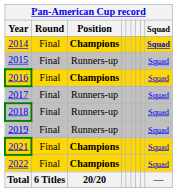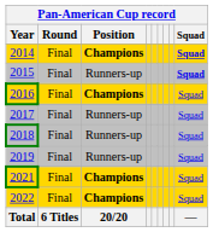 <table class="wikitable" style="text-align: center;">
 <tr>
 <th colspan=9><a href='#'>Pan-American Cup record</a></th>
 </tr>
 <tr>
 <th>Year</th>
 <th>Round</th>
 <th>Position</th>
 <th></th>
 <th></th>
 <th></th>
 <th></th>
 <th></th>
 <th><small>Squad</small></th>
 </tr>
 <tr bgcolor=gold>
 <td> <a href='#'>2014</a></td>
 <td>Final</td>
 <td><strong>Champions</strong></td>
 <td></td>
 <td></td>
 <td></td>
 <td></td>
 <td></td>
 <td><strong><small><a href='#'>Squad</a></small></strong></td>
 </tr>
 <tr bgcolor=silver>
 <td> <a href='#'>2015</a></td>
 <td>Final</td>
 <td>Runners-up</td>
 <td></td>
 <td></td>
 <td></td>
 <td></td>
 <td></td>
-<td><small><a href='#'>Squad</a></small></td>
+<td><strong><small><a href='#'>Squad</a></small></strong></td>
 </tr>
 <tr bgcolor=gold>
 <td style="border: 3px solid green"> <a href='#'>2016</a></td>
 <td>Final</td>
 <td><strong>Champions</strong></td>
 <td></td>
 <td></td>
 <td></td>
 <td></td>
 <td></td>
 <td><small><a href='#'>Squad</a></small></td>
 </tr>
 <tr bgcolor=silver>
 <td> <a href='#'>2017</a></td>
 <td>Final</td>
 <td>Runners-up</td>
 <td></td>
 <td></td>
 <td></td>
 <td></td>
 <td></td>
 <td><small><a href='#'>Squad</a></small></td>
 </tr>
 <tr bgcolor=silver>
 <td style="border: 3px solid green"> <a href='#'>2018</a></td>
 <td>Final</td>
 <td>Runners-up</td>
 <td></td>
 <td></td>
 <td></td>
 <td></td>
 <td></td>
 <td><small><a href='#'>Squad</a></small></td>
 </tr>
 <tr bgcolor=silver>
 <td> <a href='#'>2019</a></td>
 <td>Final</td>
 <td>Runners-up</td>
 <td></td>
 <td></td>
 <td></td>
 <td></td>
 <td></td>
 <td><small><a href='#'>Squad</a></small></td>
 </tr>
 <tr bgcolor=gold>
 <td style="border: 3px solid green"> <a href='#'>2021</a></td>
 <td>Final</td>
 <td><strong>Champions</strong></td>
 <td></td>
 <td></td>
 <td></td>
 <td></td>
 <td></td>
 <td><small><a href='#'>Squad</a></small></td>
 </tr>
 <tr bgcolor=gold>
 <td> <a href='#'>2022</a></td>
 <td>Final</td>
 <td><strong>Champions</strong></td>
 <td></td>
 <td></td>
 <td></td>
 <td></td>
 <td></td>
 <td><small><a href='#'>Squad</a></small></td>
 </tr>
 <tr>
 <th>Total</th>
 <th>6 Titles</th>
 <th>20/20</th>
 <th></th>
 <th></th>
 <th></th>
 <th></th>
 <th></th>
 <th>—</th>
 </tr>
 </table>
